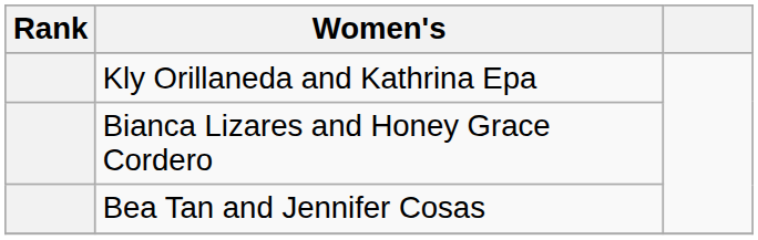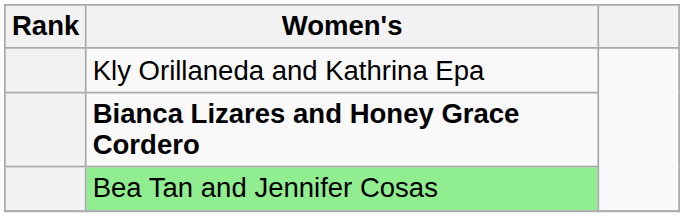 <table class="wikitable" style="text-align: center;">
 <tr>
 <th width=40>Rank</th>
 <th width=290>Women's</th>
 <th width=40></th>
 </tr>
 <tr>
 <th></th>
 <td style="text-align:left;">Kly Orillaneda and Kathrina Epa </td>
 <td rowspan=3></td>
 </tr>
 <tr>
 <th></th>
-<td style="text-align:left;">Bianca Lizares and Honey Grace Cordero </td>
+<td style="text-align:left;"><strong>Bianca Lizares and Honey Grace Cordero </strong></td>
 </tr>
 <tr>
 <th></th>
-<td style="text-align:left;">Bea Tan and Jennifer Cosas </td>
+<td style="background: lightgreen; text-align:left;">Bea Tan and Jennifer Cosas </td>
 </tr>
 <tr>
 </tr>
 </table>
